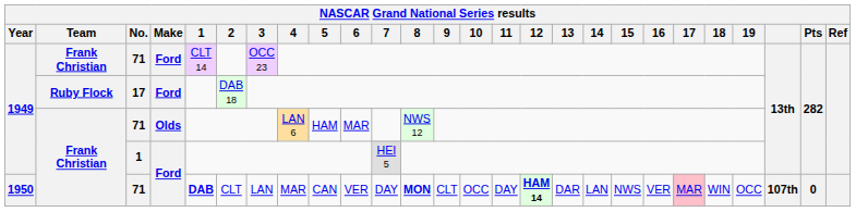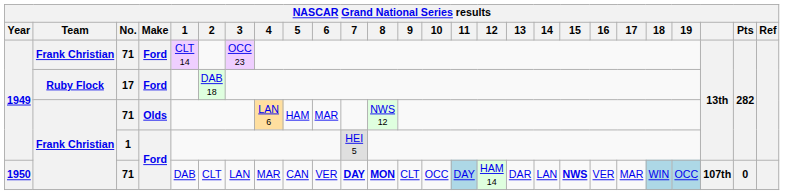 <table class="wikitable" style="text-align:center; font-size:75%">
 <tr>
 <th colspan=27><a href='#'>NASCAR</a> <a href='#'>Grand National Series</a> results</th>
 </tr>
 <tr>
 <th>Year</th>
 <th>Team</th>
 <th>No.</th>
 <th>Make</th>
 <th>1</th>
 <th>2</th>
 <th>3</th>
 <th>4</th>
 <th>5</th>
 <th>6</th>
 <th>7</th>
 <th>8</th>
 <th>9</th>
 <th>10</th>
 <th>11</th>
 <th>12</th>
 <th>13</th>
 <th>14</th>
 <th>15</th>
 <th>16</th>
 <th>17</th>
 <th>18</th>
 <th>19</th>
 <th></th>
 <th>Pts</th>
 <th>Ref</th>
 </tr>
 <tr>
 <th rowspan=4><a href='#'>1949</a></th>
 <th><a href='#'>Frank Christian</a></th>
 <th>71</th>
 <th><a href='#'>Ford</a></th>
 <td style="background:#efcfff;"><a href='#'>CLT</a><br><small>14</small></td>
 <td></td>
 <td style="background:#efcfff;"><a href='#'>OCC</a><br><small>23</small></td>
 <td colspan=16></td>
 <th rowspan=4>13th</th>
 <th rowspan=4>282</th>
 <th rowspan=4></th>
 </tr>
 <tr>
 <th><a href='#'>Ruby Flock</a></th>
 <th>17</th>
 <th><a href='#'>Ford</a></th>
 <td></td>
 <td style="background:#dfffdf;"><a href='#'>DAB</a><br><small>18</small></td>
 <td colspan=17></td>
 </tr>
 <tr>
 <th rowspan=3><a href='#'>Frank Christian</a></th>
 <th>71</th>
 <th><a href='#'>Olds</a></th>
 <td colspan=3></td>
 <td style="background:#FFDF9F;"><a href='#'>LAN</a><br><small>6</small></td>
 <td><a href='#'>HAM</a></td>
 <td><a href='#'>MAR</a></td>
 <td></td>
 <td style="background:#dfffdf;"><a href='#'>NWS</a><br><small>12</small></td>
 <td colspan=11></td>
 </tr>
 <tr>
 <th>1</th>
 <th rowspan=2><a href='#'>Ford</a></th>
 <td colspan=6></td>
 <td style="background:#dfdfdf;"><a href='#'>HEI</a><br><small>5</small></td>
 <td colspan=12></td>
 </tr>
 <tr>
 <th><a href='#'>1950</a></th>
 <th>71</th>
-<td><strong><a href='#'>DAB</a></strong></td>
+<td><a href='#'>DAB</a></td>
 <td><a href='#'>CLT</a></td>
 <td><a href='#'>LAN</a></td>
 <td><a href='#'>MAR</a></td>
 <td><a href='#'>CAN</a></td>
 <td><a href='#'>VER</a></td>
-<td><a href='#'>DAY</a></td>
+<td><strong><a href='#'>DAY</a></strong></td>
 <td><strong><a href='#'>MON</a></strong></td>
 <td><a href='#'>CLT</a></td>
 <td><a href='#'>OCC</a></td>
-<td><a href='#'>DAY</a></td>
-<td style="background:#dfffdf;"><strong><a href='#'>HAM</a><br><small>14</small></strong></td>
+<td style="background: lightblue;"><a href='#'>DAY</a></td>
+<td style="background:#dfffdf;"><a href='#'>HAM</a><br><small>14</small></td>
 <td><a href='#'>DAR</a></td>
 <td><a href='#'>LAN</a></td>
-<td><a href='#'>NWS</a></td>
+<td><strong><a href='#'>NWS</a></strong></td>
 <td><a href='#'>VER</a></td>
-<td style="background: pink;"><a href='#'>MAR</a></td>
-<td><a href='#'>WIN</a></td>
-<td><a href='#'>OCC</a></td>
+<td><a href='#'>MAR</a></td>
+<td style="background: lightblue;"><a href='#'>WIN</a></td>
+<td style="background: lightblue;"><a href='#'>OCC</a></td>
 <th>107th</th>
 <th>0</th>
 <th></th>
 </tr>
 </table>
